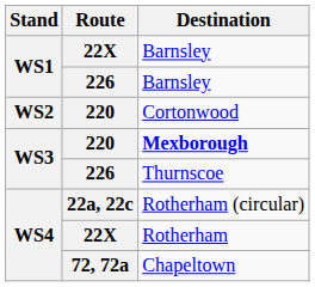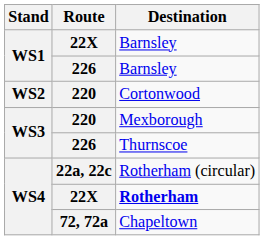 <table class="wikitable">
 <tr>
 <th><strong>Stand</strong></th>
 <th><strong>Route</strong></th>
 <th><strong>Destination</strong></th>
 </tr>
 <tr>
 <th rowspan="2">WS1</th>
 <th>22X</th>
 <td><a href='#'>Barnsley</a>    </td>
 </tr>
 <tr>
 <th>226</th>
 <td><a href='#'>Barnsley</a>    </td>
 </tr>
 <tr>
 <th>WS2</th>
 <th>220</th>
 <td><a href='#'>Cortonwood</a>  </td>
 </tr>
 <tr>
 <th rowspan="2">WS3</th>
 <th>220</th>
-<td><strong><a href='#'>Mexborough</a>   </strong></td>
+<td><a href='#'>Mexborough</a>   </td>
 </tr>
 <tr>
 <th>226</th>
 <td><a href='#'>Thurnscoe</a>   </td>
 </tr>
 <tr>
 <th rowspan="3">WS4</th>
 <th>22a, 22c</th>
 <td><a href='#'>Rotherham</a>    (circular)  </td>
 </tr>
 <tr>
 <th>22X</th>
-<td><a href='#'>Rotherham</a>     </td>
+<td><strong><a href='#'>Rotherham</a>     </strong></td>
 </tr>
 <tr>
 <th>72, 72a</th>
 <td><a href='#'>Chapeltown</a>   </td>
 </tr>
 </table>
